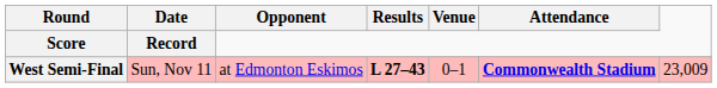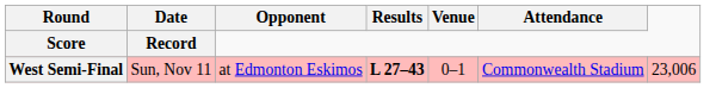 <table class="wikitable" style="text-align:center">
 <tr>
 <th>Round</th>
 <th>Date</th>
 <th>Opponent</th>
 <th>Results</th>
 <th>Venue</th>
 <th>Attendance</th>
 </tr>
 <tr>
 <th>Score</th>
 <th>Record</th>
 </tr>
 <tr style="background:#ffbbbb">
 <th>West Semi-Final</th>
 <td>Sun, Nov 11</td>
 <td>at <a href='#'>Edmonton Eskimos</a></td>
 <td><strong>L 27–43</strong></td>
 <td>0–1</td>
-<td><strong><a href='#'>Commonwealth Stadium</a></strong></td>
-<td>23,009</td>
+<td><a href='#'>Commonwealth Stadium</a></td>
+<td>23,006</td>
 </tr>
 </table>
